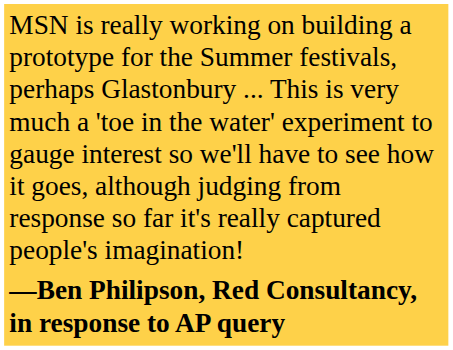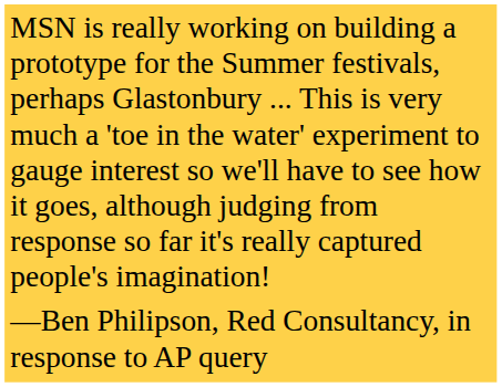 <table class="toccolours" style="float: left; margin-left: 1em; margin-right: 2em; font-size: 85%; background:#FED149; color:black; width:25em; max-width: 25%;">
 <tr>
 <td style="text-align: left;">MSN is really working on building a prototype for the Summer festivals, perhaps Glastonbury ... This is very much a 'toe in the water' experiment to gauge interest so we'll have to see how it goes, although judging from response so far it's really captured people's imagination!</td>
 </tr>
 <tr>
-<td style="text-align: left;"><strong>—Ben Philipson, Red Consultancy, in response to AP query</strong></td>
+<td style="text-align: left;">—Ben Philipson, Red Consultancy, in response to AP query</td>
 </tr>
 </table>
